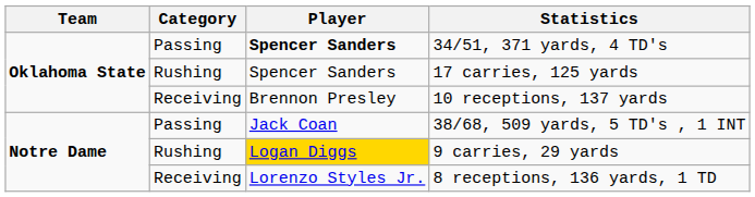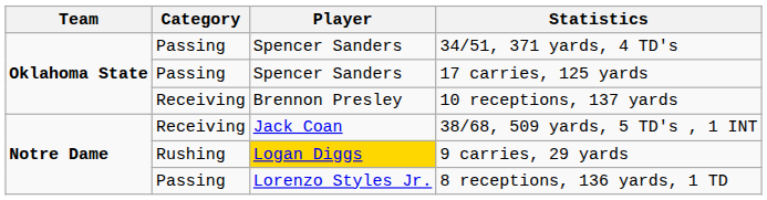 <table class="wikitable" style="float: right;">
 <tr>
 <th>Team</th>
 <th>Category</th>
 <th>Player</th>
 <th>Statistics</th>
 </tr>
 <tr>
 <td rowspan=3><strong>Oklahoma State</strong></td>
 <td>Passing</td>
-<td><strong>Spencer Sanders</strong></td>
+<td>Spencer Sanders</td>
 <td>34/51, 371 yards, 4 TD's</td>
 </tr>
 <tr>
-<td>Rushing</td>
+<td>Passing</td>
 <td>Spencer Sanders</td>
 <td>17 carries, 125 yards</td>
 </tr>
 <tr>
 <td>Receiving</td>
 <td>Brennon Presley</td>
 <td>10 receptions, 137 yards</td>
 </tr>
 <tr>
 <td rowspan=3><strong>Notre Dame</strong></td>
-<td>Passing</td>
+<td>Receiving</td>
 <td><a href='#'>Jack Coan</a></td>
 <td>38/68, 509 yards, 5 TD's , 1 INT</td>
 </tr>
 <tr>
 <td>Rushing</td>
 <td style="background: gold;"><a href='#'>Logan Diggs</a></td>
 <td>9 carries, 29 yards</td>
 </tr>
 <tr>
-<td>Receiving</td>
+<td>Passing</td>
 <td><a href='#'>Lorenzo Styles Jr.</a></td>
 <td>8 receptions, 136 yards, 1 TD</td>
 </tr>
 </table>
